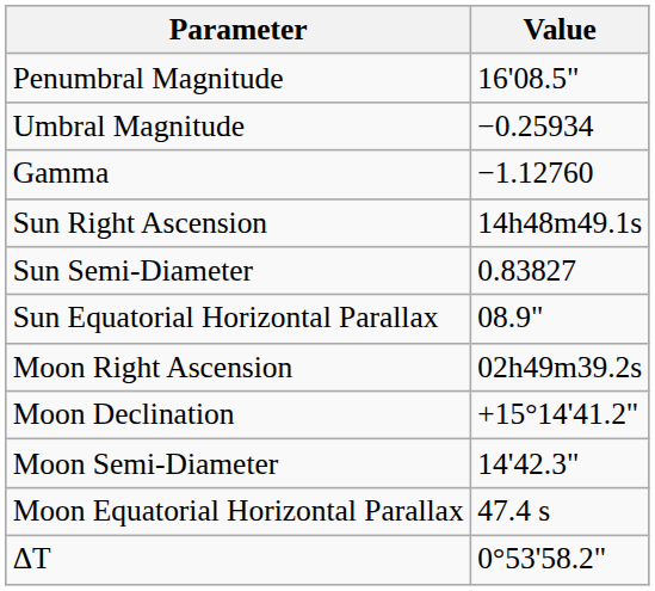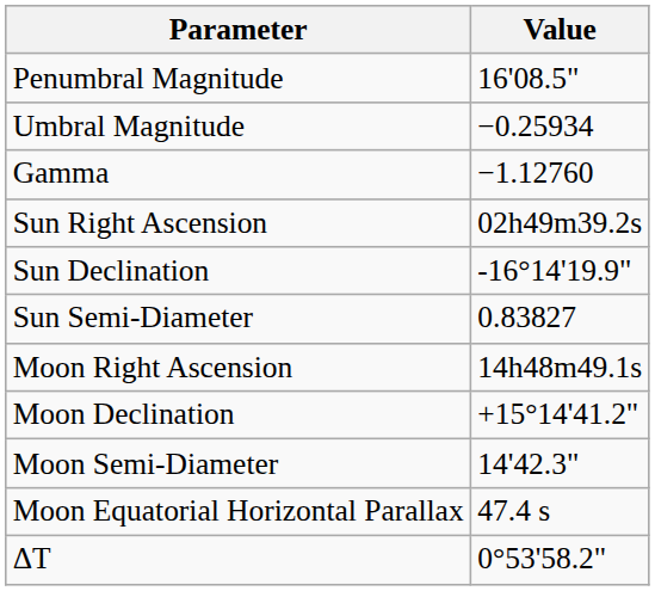 <table class="wikitable">
 <tr>
 <th>Parameter</th>
 <th>Value</th>
 </tr>
 <tr>
 <td>Penumbral Magnitude</td>
 <td>16'08.5"</td>
 </tr>
 <tr>
 <td>Umbral Magnitude</td>
 <td>−0.25934</td>
 </tr>
 <tr>
 <td>Gamma</td>
 <td>−1.12760</td>
 </tr>
 <tr>
 <td>Sun Right Ascension</td>
-<td>14h48m49.1s</td>
+<td>02h49m39.2s</td>
+</tr>
+<tr>
+<td>Sun Declination</td>
+<td>-16°14'19.9"</td>
 </tr>
 <tr>
 <td>Sun Semi-Diameter</td>
 <td>0.83827</td>
 </tr>
 <tr>
-<td>Sun Equatorial Horizontal Parallax</td>
-<td>08.9"</td>
-</tr>
-<tr>
 <td>Moon Right Ascension</td>
-<td>02h49m39.2s</td>
+<td>14h48m49.1s</td>
 </tr>
 <tr>
 <td>Moon Declination</td>
 <td>+15°14'41.2"</td>
 </tr>
 <tr>
 <td>Moon Semi-Diameter</td>
 <td>14'42.3"</td>
 </tr>
 <tr>
 <td>Moon Equatorial Horizontal Parallax</td>
 <td>47.4 s</td>
 </tr>
 <tr>
 <td>ΔT</td>
 <td>0°53'58.2"</td>
 </tr>
 </table>
